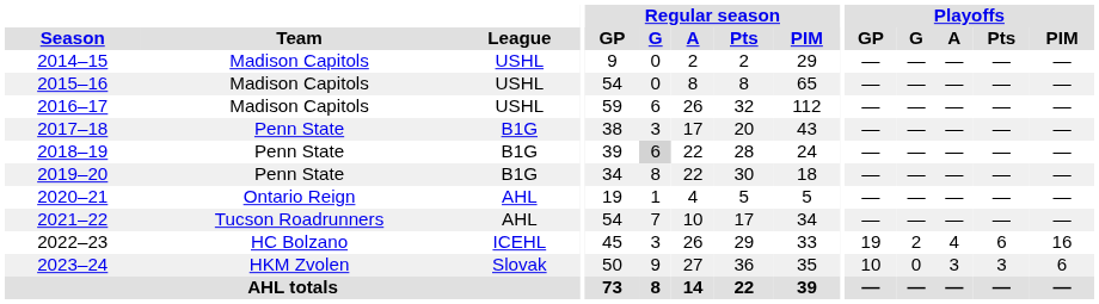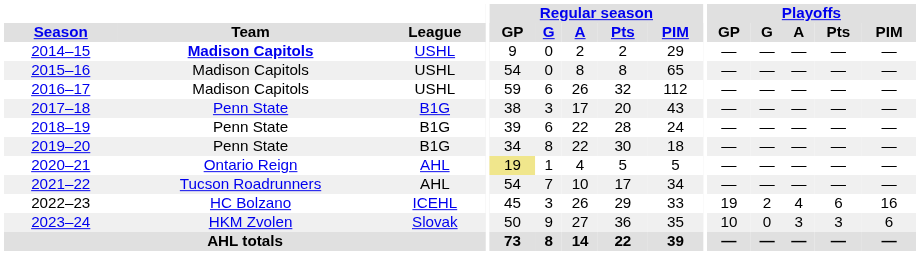 <table border="0" cellpadding="1" cellspacing="0" style="text-align:center; width:60em">
 <tr style="background:#e0e0e0;">
 <th colspan="3" style="background:#fff;"></th>
 <th rowspan="99" style="background:#fff;"></th>
 <th colspan="5"><a href='#'>Regular season</a></th>
 <th rowspan="99" style="background:#fff;"></th>
 <th colspan="5"><a href='#'>Playoffs</a></th>
 </tr>
 <tr style="background:#e0e0e0;">
 <th><a href='#'>Season</a></th>
 <th>Team</th>
 <th>League</th>
 <th>GP</th>
 <th><a href='#'>G</a></th>
 <th><a href='#'>A</a></th>
 <th><a href='#'>Pts</a></th>
 <th><a href='#'>PIM</a></th>
 <th>GP</th>
 <th>G</th>
 <th>A</th>
 <th>Pts</th>
 <th>PIM</th>
 </tr>
 <tr>
 <td><a href='#'>2014–15</a></td>
-<td><a href='#'>Madison Capitols</a></td>
+<td><strong><a href='#'>Madison Capitols</a></strong></td>
 <td><a href='#'>USHL</a></td>
 <td>9</td>
 <td>0</td>
 <td>2</td>
 <td>2</td>
 <td>29</td>
 <td>—</td>
 <td>—</td>
 <td>—</td>
 <td>—</td>
 <td>—</td>
 </tr>
 <tr style="background:#f0f0f0;">
 <td><a href='#'>2015–16</a></td>
 <td>Madison Capitols</td>
 <td>USHL</td>
 <td>54</td>
 <td>0</td>
 <td>8</td>
 <td>8</td>
 <td>65</td>
 <td>—</td>
 <td>—</td>
 <td>—</td>
 <td>—</td>
 <td>—</td>
 </tr>
 <tr>
 <td><a href='#'>2016–17</a></td>
 <td>Madison Capitols</td>
 <td>USHL</td>
 <td>59</td>
 <td>6</td>
 <td>26</td>
 <td>32</td>
 <td>112</td>
 <td>—</td>
 <td>—</td>
 <td>—</td>
 <td>—</td>
 <td>—</td>
 </tr>
 <tr style="background:#f0f0f0;">
 <td><a href='#'>2017–18</a></td>
 <td><a href='#'>Penn State</a></td>
 <td><a href='#'>B1G</a></td>
 <td>38</td>
 <td>3</td>
 <td>17</td>
 <td>20</td>
 <td>43</td>
 <td>—</td>
 <td>—</td>
 <td>—</td>
 <td>—</td>
 <td>—</td>
 </tr>
 <tr>
 <td><a href='#'>2018–19</a></td>
 <td>Penn State</td>
 <td>B1G</td>
 <td>39</td>
-<td style="background: lightgrey;">6</td>
+<td>6</td>
 <td>22</td>
 <td>28</td>
 <td>24</td>
 <td>—</td>
 <td>—</td>
 <td>—</td>
 <td>—</td>
 <td>—</td>
 </tr>
 <tr style="background:#f0f0f0;">
 <td><a href='#'>2019–20</a></td>
 <td>Penn State</td>
 <td>B1G</td>
 <td>34</td>
 <td>8</td>
 <td>22</td>
 <td>30</td>
 <td>18</td>
 <td>—</td>
 <td>—</td>
 <td>—</td>
 <td>—</td>
 <td>—</td>
 </tr>
 <tr>
 <td><a href='#'>2020–21</a></td>
 <td><a href='#'>Ontario Reign</a></td>
 <td><a href='#'>AHL</a></td>
-<td>19</td>
+<td style="background: khaki;">19</td>
 <td>1</td>
 <td>4</td>
 <td>5</td>
 <td>5</td>
 <td>—</td>
 <td>—</td>
 <td>—</td>
 <td>—</td>
 <td>—</td>
 </tr>
 <tr style="background:#f0f0f0;">
 <td><a href='#'>2021–22</a></td>
 <td><a href='#'>Tucson Roadrunners</a></td>
 <td>AHL</td>
 <td>54</td>
 <td>7</td>
 <td>10</td>
 <td>17</td>
 <td>34</td>
 <td>—</td>
 <td>—</td>
 <td>—</td>
 <td>—</td>
 <td>—</td>
 </tr>
 <tr>
 <td>2022–23</td>
 <td><a href='#'>HC Bolzano</a></td>
 <td><a href='#'>ICEHL</a></td>
 <td>45</td>
 <td>3</td>
 <td>26</td>
 <td>29</td>
 <td>33</td>
 <td>19</td>
 <td>2</td>
 <td>4</td>
 <td>6</td>
 <td>16</td>
 </tr>
 <tr style="background:#f0f0f0;">
 <td><a href='#'>2023–24</a></td>
 <td><a href='#'>HKM Zvolen</a></td>
 <td><a href='#'>Slovak</a></td>
 <td>50</td>
 <td>9</td>
 <td>27</td>
 <td>36</td>
 <td>35</td>
 <td>10</td>
 <td>0</td>
 <td>3</td>
 <td>3</td>
 <td>6</td>
 </tr>
 <tr style="background:#e0e0e0;">
 <th colspan="3">AHL totals</th>
 <th>73</th>
 <th>8</th>
 <th>14</th>
 <th>22</th>
 <th>39</th>
 <th>—</th>
 <th>—</th>
 <th>—</th>
 <th>—</th>
 <th>—</th>
 </tr>
 </table>
